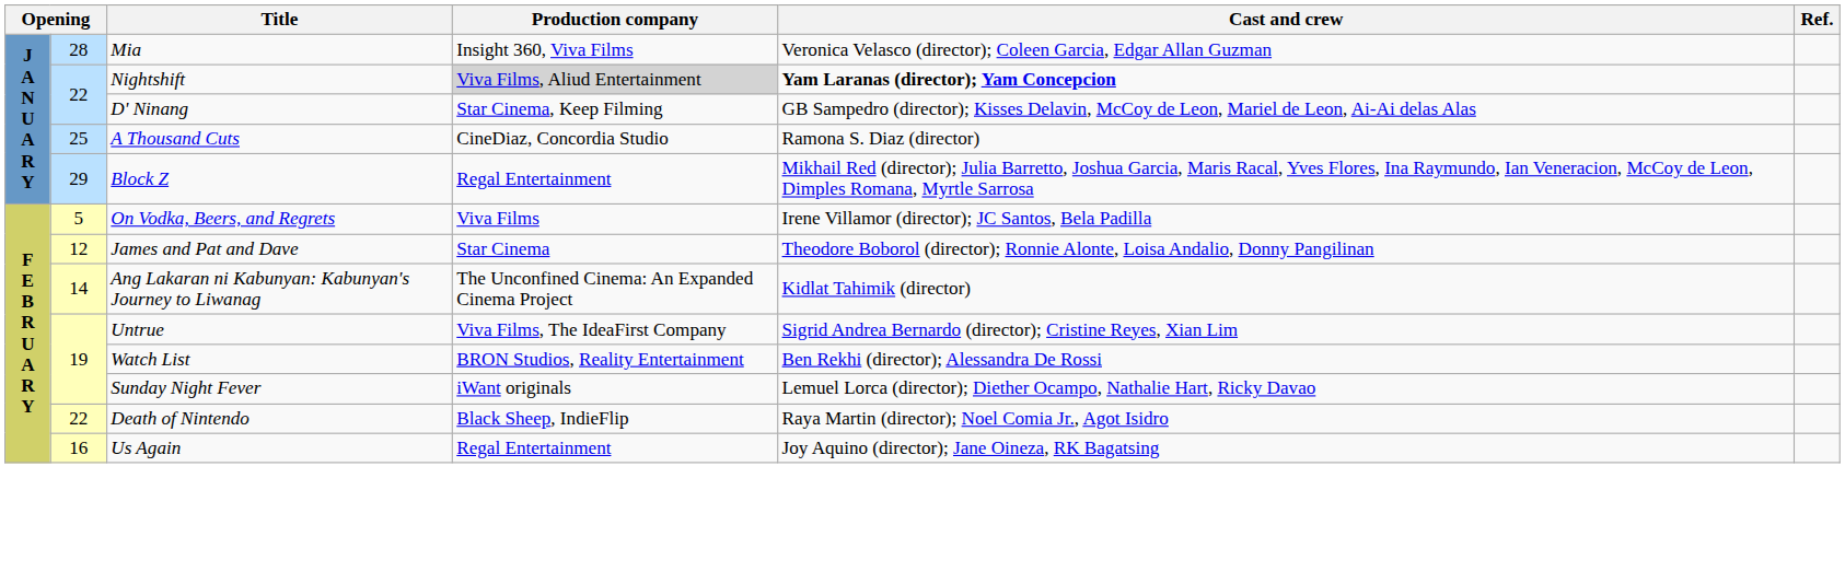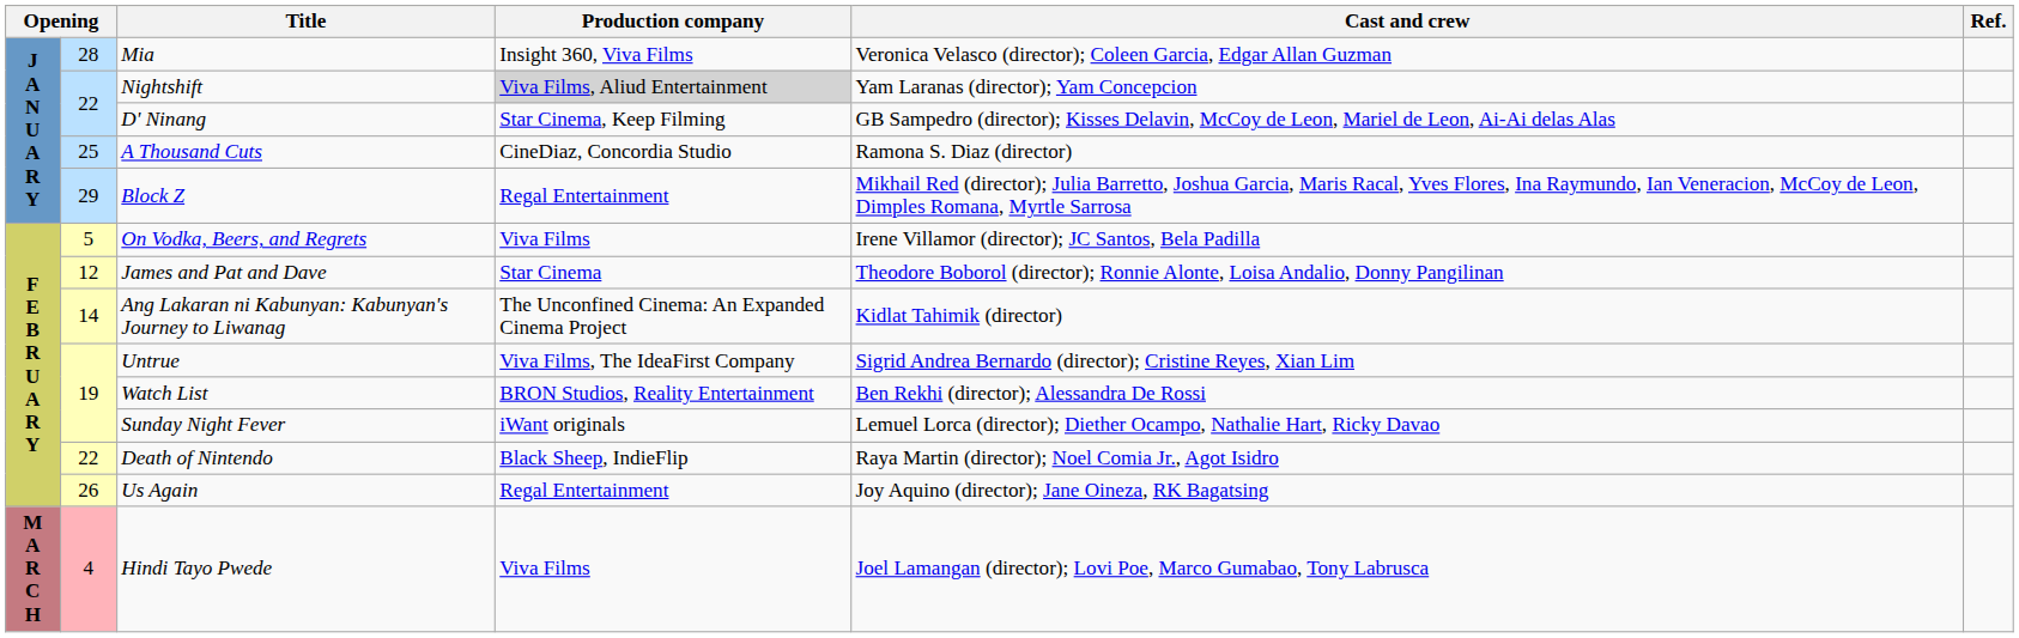 <table class="wikitable sortable">
 <tr style="background:#ffffba; text-align:center;">
 <th colspan="2" style="width:05%">Opening</th>
 <th style="width:17%">Title</th>
 <th style="width:16%">Production company</th>
 <th style="width:50%">Cast and crew</th>
 <th style="width:02%">Ref.</th>
 </tr>
 <tr>
 <th rowspan="5" style="text-align:center; background:#6698c6">J<br>A<br>N<br>U<br>A<br>R<br>Y</th>
 <td style="text-align:center; background:#bae1ff">28</td>
 <td><em>Mia</em></td>
 <td>Insight 360, <a href='#'>Viva Films</a></td>
 <td style="text-align:left;">Veronica Velasco (director); <a href='#'>Coleen Garcia</a>, <a href='#'>Edgar Allan Guzman</a></td>
 <td></td>
 </tr>
 <tr>
 <td rowspan="2" style="text-align:center; background:#bae1ff">22</td>
 <td><em>Nightshift</em></td>
 <td style="background: lightgrey;"><a href='#'>Viva Films</a>, Aliud Entertainment</td>
-<td><strong>Yam Laranas (director); <a href='#'>Yam Concepcion</a></strong></td>
+<td>Yam Laranas (director); <a href='#'>Yam Concepcion</a></td>
 <td></td>
 </tr>
 <tr>
 <td><em>D' Ninang</em></td>
 <td><a href='#'>Star Cinema</a>, Keep Filming</td>
 <td>GB Sampedro (director); <a href='#'>Kisses Delavin</a>, <a href='#'>McCoy de Leon</a>, <a href='#'>Mariel de Leon</a>, <a href='#'>Ai-Ai delas Alas</a></td>
 <td></td>
 </tr>
 <tr>
 <td style="text-align:center; background:#bae1ff">25</td>
 <td><em><a href='#'>A Thousand Cuts</a></em></td>
 <td>CineDiaz, Concordia Studio</td>
 <td>Ramona S. Diaz (director)</td>
 <td></td>
 </tr>
 <tr>
 <td style="text-align:center; background:#bae1ff">29</td>
 <td><em><a href='#'>Block Z</a></em></td>
 <td><a href='#'>Regal Entertainment</a></td>
 <td><a href='#'>Mikhail Red</a> (director); <a href='#'>Julia Barretto</a>, <a href='#'>Joshua Garcia</a>, <a href='#'>Maris Racal</a>, <a href='#'>Yves Flores</a>, <a href='#'>Ina Raymundo</a>, <a href='#'>Ian Veneracion</a>, <a href='#'>McCoy de Leon</a>, <a href='#'>Dimples Romana</a>, <a href='#'>Myrtle Sarrosa</a></td>
 <td></td>
 </tr>
 <tr>
 <th rowspan="8" style="text-align:center; background:#d0d069">F<br>E<br>B<br>R<br>U<br>A<br>R<br>Y</th>
 <td style="text-align:center; background:#ffffba">5</td>
 <td><em><a href='#'>On Vodka, Beers, and Regrets</a></em></td>
 <td><a href='#'>Viva Films</a></td>
 <td>Irene Villamor (director); <a href='#'>JC Santos</a>, <a href='#'>Bela Padilla</a></td>
 <td></td>
 </tr>
 <tr>
 <td style="text-align:center; background:#ffffba">12</td>
 <td><em>James and Pat and Dave</em></td>
 <td><a href='#'>Star Cinema</a></td>
 <td><a href='#'>Theodore Boborol</a> (director); <a href='#'>Ronnie Alonte</a>, <a href='#'>Loisa Andalio</a>, <a href='#'>Donny Pangilinan</a></td>
 <td></td>
 </tr>
 <tr>
 <td style="text-align:center; background:#ffffba">14</td>
 <td><em>Ang Lakaran ni Kabunyan: Kabunyan's Journey to Liwanag</em></td>
 <td>The Unconfined Cinema: An Expanded Cinema Project</td>
 <td><a href='#'>Kidlat Tahimik</a> (director)</td>
 <td></td>
 </tr>
 <tr>
 <td rowspan="3" style="text-align:center; background:#ffffba ">19</td>
 <td><em>Untrue</em></td>
 <td><a href='#'>Viva Films</a>, The IdeaFirst Company</td>
 <td><a href='#'>Sigrid Andrea Bernardo</a> (director); <a href='#'>Cristine Reyes</a>, <a href='#'>Xian Lim</a></td>
 <td></td>
 </tr>
 <tr>
 <td><em>Watch List</em></td>
 <td><a href='#'>BRON Studios</a>, <a href='#'>Reality Entertainment</a></td>
 <td><a href='#'>Ben Rekhi</a> (director); <a href='#'>Alessandra De Rossi</a></td>
 <td></td>
 </tr>
 <tr>
 <td><em>Sunday Night Fever</em></td>
 <td><a href='#'>iWant</a> originals</td>
 <td>Lemuel Lorca (director); <a href='#'>Diether Ocampo</a>, <a href='#'>Nathalie Hart</a>, <a href='#'>Ricky Davao</a></td>
 <td></td>
 </tr>
 <tr>
 <td style="text-align:center; background:#ffffba">22</td>
 <td><em>Death of Nintendo</em></td>
 <td><a href='#'>Black Sheep</a>, IndieFlip</td>
 <td>Raya Martin (director); <a href='#'>Noel Comia Jr.</a>, <a href='#'>Agot Isidro</a></td>
 <td></td>
 </tr>
 <tr>
-<td style="text-align:center; background:#ffffba">16</td>
+<td style="text-align:center; background:#ffffba">26</td>
 <td><em>Us Again</em></td>
 <td><a href='#'>Regal Entertainment</a></td>
 <td>Joy Aquino (director); <a href='#'>Jane Oineza</a>, <a href='#'>RK Bagatsing</a></td>
 <td></td>
 </tr>
+<tr>
+<th style="text-align:center; background:#c47a81">M<br>A<br>R<br>C<br>H</th>
+<td style="text-align:center; background:#ffb3ba">4</td>
+<td><em>Hindi Tayo Pwede</em></td>
+<td><a href='#'>Viva Films</a></td>
+<td><a href='#'>Joel Lamangan</a> (director); <a href='#'>Lovi Poe</a>, <a href='#'>Marco Gumabao</a>, <a href='#'>Tony Labrusca</a></td>
+<td></td>
+</tr>
 </table>
